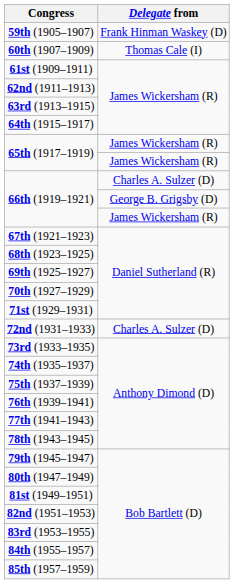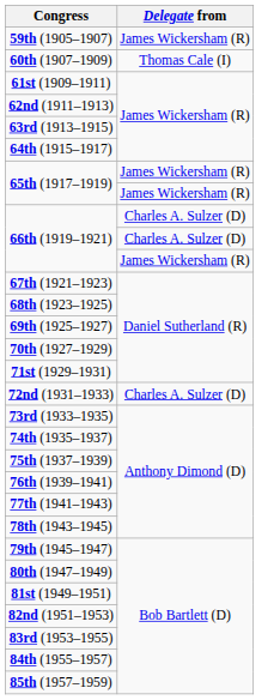 <table class=wikitable style="text-align:center">
 <tr>
 <th>Congress</th>
 <th><em><a href='#'>Delegate</a></em> from<br></th>
 </tr>
 <tr>
 <td><strong><a href='#'>59th</a></strong> (1905–1907)</td>
-<td><a href='#'>Frank Hinman Waskey</a> (D)</td>
+<td><a href='#'>James Wickersham</a> (R)</td>
 </tr>
 <tr>
 <td><strong><a href='#'>60th</a></strong> (1907–1909)</td>
 <td><a href='#'>Thomas Cale</a> (I)</td>
 </tr>
 <tr>
 <td><strong><a href='#'>61st</a></strong> (1909–1911)</td>
 <td rowspan="4" ><a href='#'>James Wickersham</a> (R)</td>
 </tr>
 <tr>
 <td><strong><a href='#'>62nd</a></strong> (1911–1913)</td>
 </tr>
 <tr>
 <td><strong><a href='#'>63rd</a></strong> (1913–1915)</td>
 </tr>
 <tr>
 <td><strong><a href='#'>64th</a></strong> (1915–1917)</td>
 </tr>
 <tr>
 <td rowspan="2"><strong><a href='#'>65th</a></strong> (1917–1919)</td>
 <td><a href='#'>James Wickersham</a> (R)</td>
 </tr>
 <tr>
 <td><a href='#'>James Wickersham</a> (R)</td>
 </tr>
 <tr>
 <td rowspan="3"><strong><a href='#'>66th</a></strong> (1919–1921)</td>
 <td><a href='#'>Charles A. Sulzer</a> (D)</td>
 </tr>
 <tr>
-<td><a href='#'>George B. Grigsby</a> (D)</td>
+<td><a href='#'>Charles A. Sulzer</a> (D)</td>
 </tr>
 <tr>
 <td><a href='#'>James Wickersham</a> (R)</td>
 </tr>
 <tr>
 <td><strong><a href='#'>67th</a></strong> (1921–1923)</td>
 <td rowspan="5" ><a href='#'>Daniel Sutherland</a> (R)</td>
 </tr>
 <tr>
 <td><strong><a href='#'>68th</a></strong> (1923–1925)</td>
 </tr>
 <tr>
 <td><strong><a href='#'>69th</a></strong> (1925–1927)</td>
 </tr>
 <tr>
 <td><strong><a href='#'>70th</a></strong> (1927–1929)</td>
 </tr>
 <tr>
 <td><strong><a href='#'>71st</a></strong> (1929–1931)</td>
 </tr>
 <tr>
 <td><strong><a href='#'>72nd</a></strong> (1931–1933)</td>
 <td><a href='#'>Charles A. Sulzer</a> (D)</td>
 </tr>
 <tr>
 <td><strong><a href='#'>73rd</a></strong> (1933–1935)</td>
 <td rowspan="6" ><a href='#'>Anthony Dimond</a> (D)</td>
 </tr>
 <tr>
 <td><strong><a href='#'>74th</a></strong> (1935–1937)</td>
 </tr>
 <tr>
 <td><strong><a href='#'>75th</a></strong> (1937–1939)</td>
 </tr>
 <tr>
 <td><strong><a href='#'>76th</a></strong> (1939–1941)</td>
 </tr>
 <tr>
 <td><strong><a href='#'>77th</a></strong> (1941–1943)</td>
 </tr>
 <tr>
 <td><strong><a href='#'>78th</a></strong> (1943–1945)</td>
 </tr>
 <tr>
 <td><strong><a href='#'>79th</a></strong> (1945–1947)</td>
 <td rowspan="7" ><a href='#'>Bob Bartlett</a> (D)</td>
 </tr>
 <tr>
 <td><strong><a href='#'>80th</a></strong> (1947–1949)</td>
 </tr>
 <tr>
 <td><strong><a href='#'>81st</a></strong> (1949–1951)</td>
 </tr>
 <tr>
 <td><strong><a href='#'>82nd</a></strong> (1951–1953)</td>
 </tr>
 <tr>
 <td><strong><a href='#'>83rd</a></strong> (1953–1955)</td>
 </tr>
 <tr>
 <td><strong><a href='#'>84th</a></strong> (1955–1957)</td>
 </tr>
 <tr>
 <td><strong><a href='#'>85th</a></strong> (1957–1959)</td>
 </tr>
 </table>
